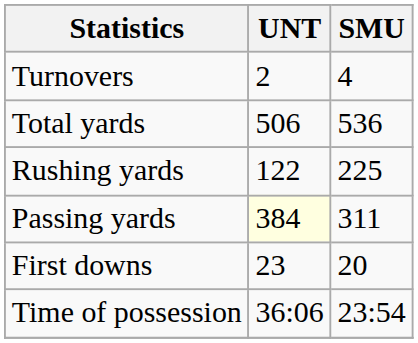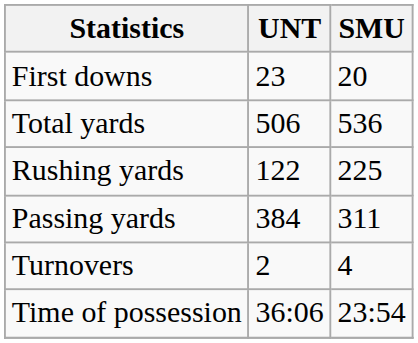 <table class="wikitable">
 <tr>
 <th>Statistics</th>
 <th>UNT</th>
 <th>SMU</th>
 </tr>
 <tr>
-<td>Turnovers</td>
-<td>2</td>
-<td>4</td>
+<td>First downs</td>
+<td>23</td>
+<td>20</td>
 </tr>
 <tr>
 <td>Total yards</td>
 <td>506</td>
 <td>536</td>
 </tr>
 <tr>
 <td>Rushing yards</td>
 <td>122</td>
 <td>225</td>
 </tr>
 <tr>
 <td>Passing yards</td>
-<td style="background: lightyellow;">384</td>
+<td>384</td>
 <td>311</td>
 </tr>
 <tr>
-<td>First downs</td>
-<td>23</td>
-<td>20</td>
+<td>Turnovers</td>
+<td>2</td>
+<td>4</td>
 </tr>
 <tr>
 <td>Time of possession</td>
 <td>36:06</td>
 <td>23:54</td>
 </tr>
 <tr>
 </tr>
 </table>
